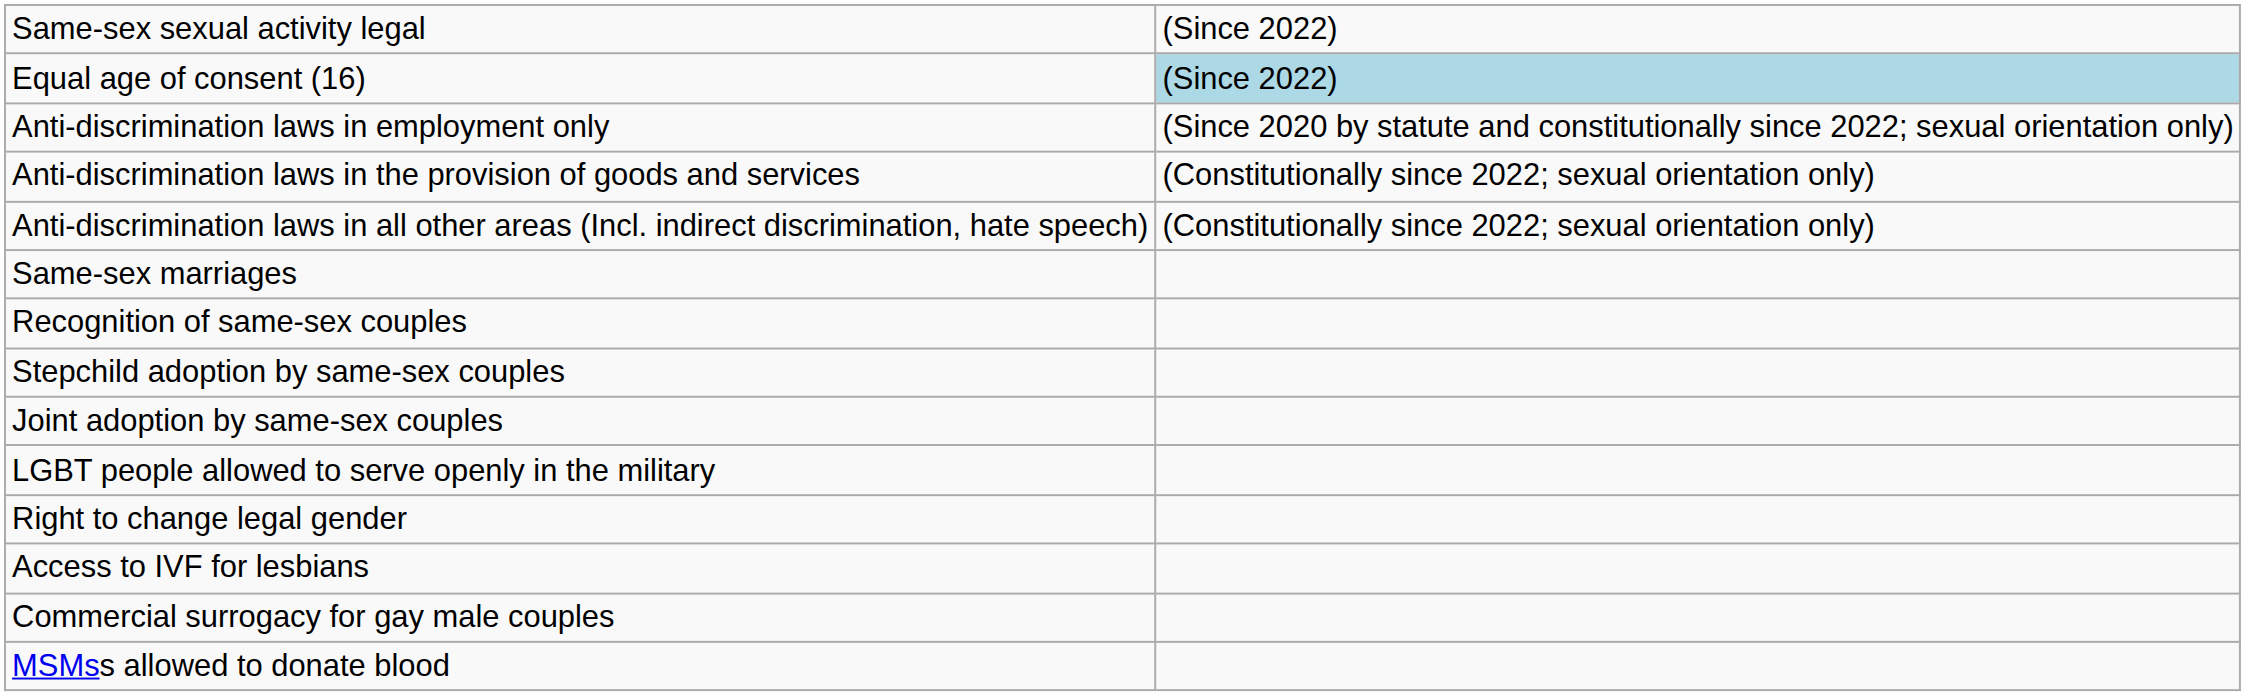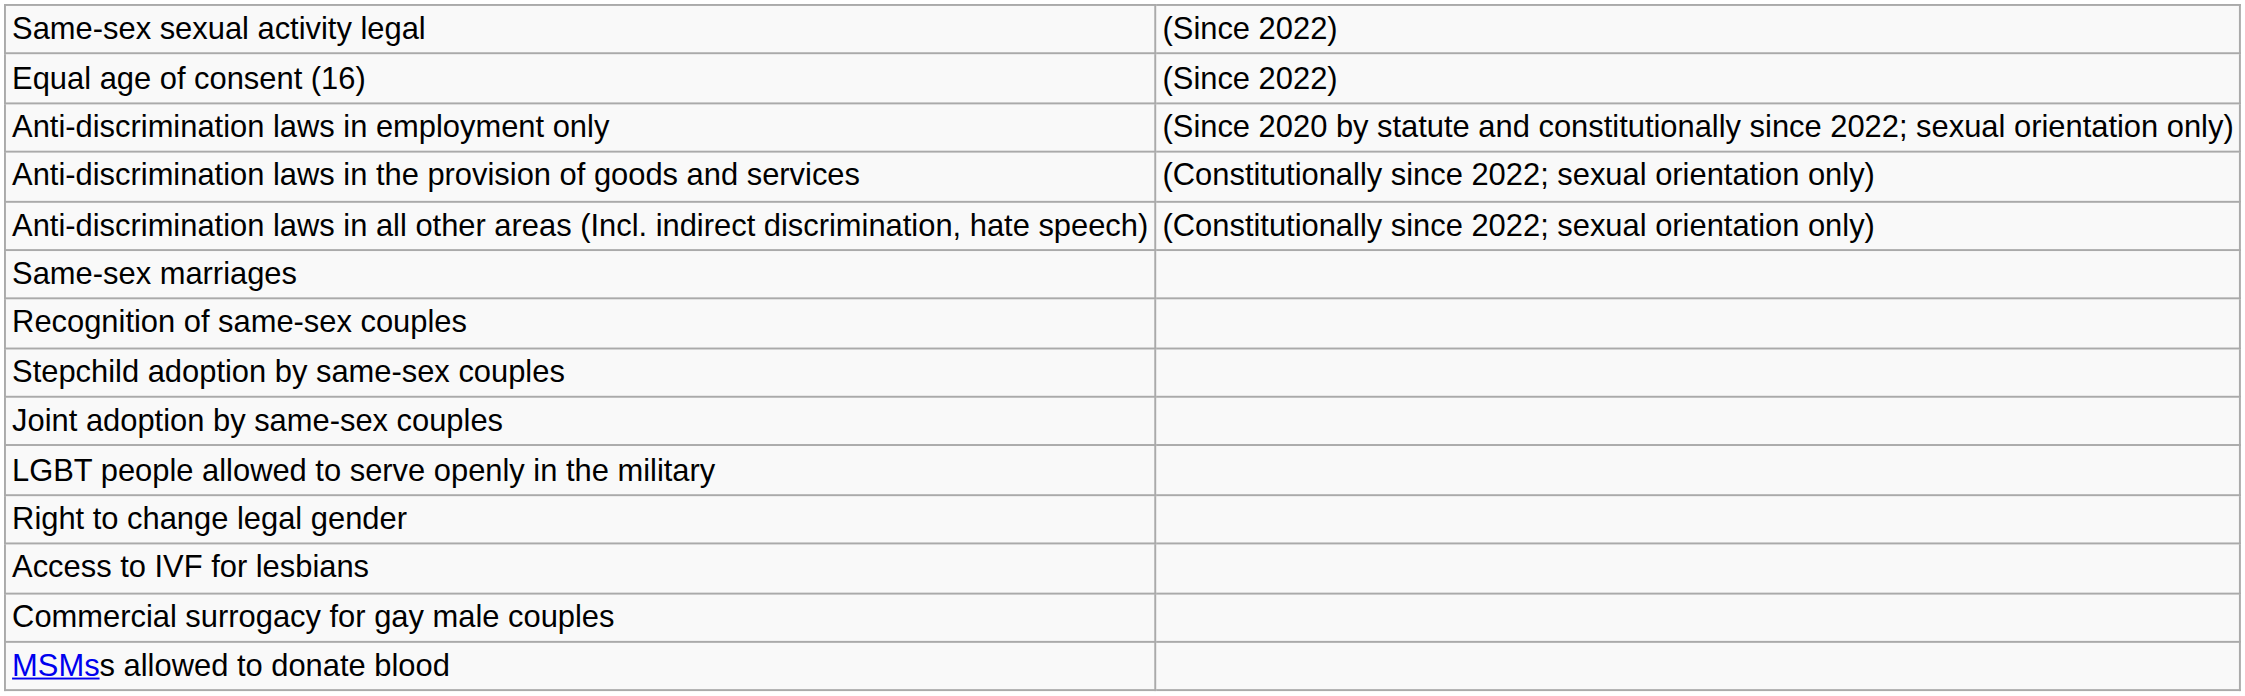 <table class="wikitable">
 <tr>
 <td>Same-sex sexual activity legal</td>
 <td> (Since 2022)</td>
 </tr>
 <tr>
 <td>Equal age of consent (16)</td>
-<td style="background: lightblue;"> (Since 2022)</td>
+<td> (Since 2022)</td>
 </tr>
 <tr>
 <td>Anti-discrimination laws in employment only</td>
 <td> (Since 2020 by statute and constitutionally since 2022; sexual orientation only)</td>
 </tr>
 <tr>
 <td>Anti-discrimination laws in the provision of goods and services</td>
 <td> (Constitutionally since 2022; sexual orientation only)</td>
 </tr>
 <tr>
 <td>Anti-discrimination laws in all other areas (Incl. indirect discrimination, hate speech)</td>
 <td> (Constitutionally since 2022; sexual orientation only)</td>
 </tr>
 <tr>
 <td>Same-sex marriages</td>
 <td></td>
 </tr>
 <tr>
 <td>Recognition of same-sex couples</td>
 <td></td>
 </tr>
 <tr>
 <td>Stepchild adoption by same-sex couples</td>
 <td></td>
 </tr>
 <tr>
 <td>Joint adoption by same-sex couples</td>
 <td></td>
 </tr>
 <tr>
 <td>LGBT people allowed to serve openly in the military</td>
 <td></td>
 </tr>
 <tr>
 <td>Right to change legal gender</td>
 <td></td>
 </tr>
 <tr>
 <td>Access to IVF for lesbians</td>
 <td></td>
 </tr>
 <tr>
 <td>Commercial surrogacy for gay male couples</td>
 <td></td>
 </tr>
 <tr>
 <td><a href='#'>MSMs</a>s allowed to donate blood</td>
 <td></td>
 </tr>
 </table>
